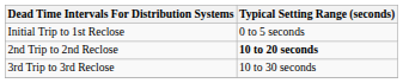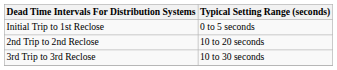 <table class="wikitable sortable">
 <tr>
 <th>Dead Time Intervals For Distribution Systems</th>
 <th>Typical Setting Range (seconds)</th>
 </tr>
 <tr>
 <td>Initial Trip to 1st Reclose</td>
 <td>0 to 5 seconds</td>
 </tr>
 <tr>
 <td>2nd Trip to 2nd Reclose</td>
-<td><strong>10 to 20 seconds</strong></td>
+<td>10 to 20 seconds</td>
 </tr>
 <tr>
 <td>3rd Trip to 3rd Reclose</td>
 <td>10 to 30 seconds</td>
 </tr>
 <tr>
 </tr>
 </table>
